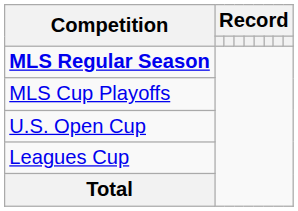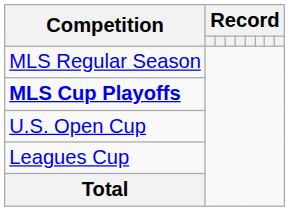 <table class="wikitable" style="text-align: center">
 <tr>
 <th rowspan=2>Competition</th>
 <th colspan=8>Record</th>
 </tr>
 <tr>
 <th></th>
 <th></th>
 <th></th>
 <th></th>
 <th></th>
 <th></th>
 <th></th>
 <th></th>
 </tr>
 <tr>
-<td align="left"><strong><a href='#'>MLS Regular Season</a><br></strong></td>
+<td align="left"><a href='#'>MLS Regular Season</a><br></td>
 </tr>
 <tr>
-<td align="left"><a href='#'>MLS Cup Playoffs</a><br></td>
+<td align="left"><strong><a href='#'>MLS Cup Playoffs</a><br></strong></td>
 </tr>
 <tr>
 <td align="left"><a href='#'>U.S. Open Cup</a><br></td>
 </tr>
 <tr>
 <td align="left"><a href='#'>Leagues Cup</a><br></td>
 </tr>
 <tr>
 <th>Total<br></th>
 </tr>
 </table>
